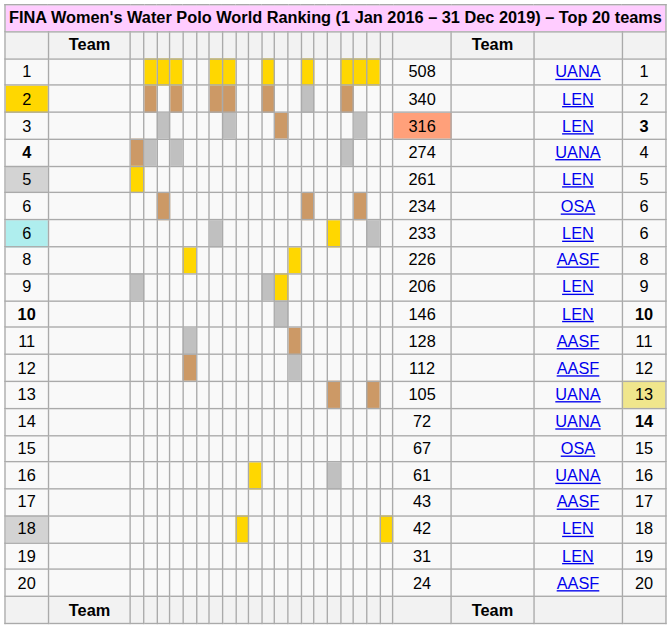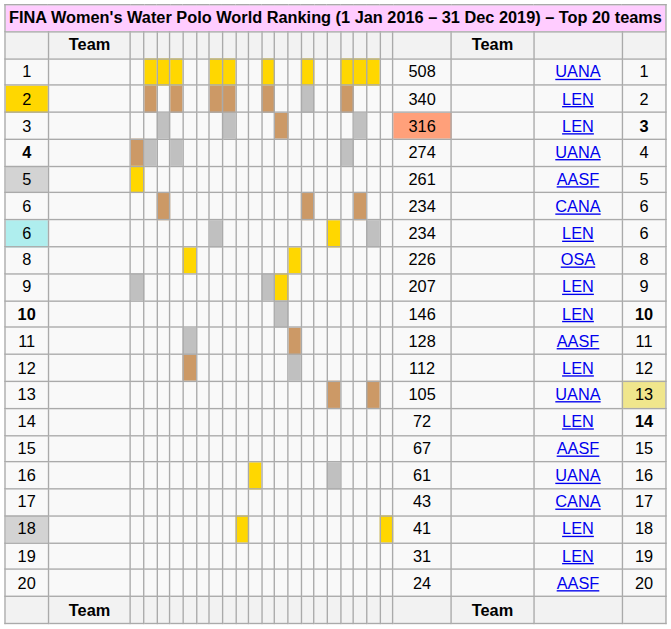 <table class="wikitable" style="text-align: center; font-size: 75%; margin-left: 1em;">
 <tr>
 <th colspan="26" style="background-color: #ffccff;">FINA Women's Water Polo World Ranking (1 Jan 2016 – 31 Dec 2019) – Top 20 teams</th>
 </tr>
 <tr>
 <th></th>
 <th>Team</th>
 <th><a href='#'></a></th>
 <th><a href='#'></a></th>
 <th><a href='#'></a></th>
 <th><a href='#'></a></th>
 <th><a href='#'></a></th>
 <th></th>
 <th><a href='#'></a></th>
 <th><a href='#'></a></th>
 <th><a href='#'></a></th>
 <th></th>
 <th><a href='#'></a></th>
 <th><a href='#'></a></th>
 <th><a href='#'></a></th>
 <th><a href='#'></a></th>
 <th><a href='#'></a></th>
 <th><a href='#'></a></th>
 <th><a href='#'></a></th>
 <th><a href='#'></a></th>
 <th><a href='#'></a></th>
 <th><a href='#'></a></th>
 <th></th>
 <th>Team</th>
 <th></th>
 <th></th>
 </tr>
 <tr>
 <td>1</td>
 <td style="text-align: left;"></td>
 <td></td>
 <td style="background-color: gold;"></td>
 <td style="background-color: gold;"></td>
 <td style="background-color: gold;"></td>
 <td></td>
 <td></td>
 <td style="background-color: gold;"></td>
 <td style="background-color: gold;"></td>
 <td></td>
 <td></td>
 <td style="background-color: gold;"></td>
 <td></td>
 <td></td>
 <td style="background-color: gold;"></td>
 <td></td>
 <td></td>
 <td style="background-color: gold;"></td>
 <td style="background-color: gold;"></td>
 <td style="background-color: gold;"></td>
 <td></td>
 <td>508</td>
 <td style="text-align: left;"></td>
 <td><a href='#'>UANA</a></td>
 <td>1</td>
 </tr>
 <tr>
 <td style="background: gold;">2</td>
 <td style="text-align: left;"></td>
 <td></td>
 <td style="background-color: #cc9966;"></td>
 <td></td>
 <td style="background-color: #cc9966;"></td>
 <td></td>
 <td></td>
 <td style="background-color: #cc9966;"></td>
 <td style="background-color: #cc9966;"></td>
 <td></td>
 <td></td>
 <td style="background-color: #cc9966;"></td>
 <td></td>
 <td></td>
 <td style="background-color: silver;"></td>
 <td></td>
 <td></td>
 <td style="background-color: #cc9966;"></td>
 <td></td>
 <td></td>
 <td></td>
 <td>340</td>
 <td style="text-align: left;"></td>
 <td><a href='#'>LEN</a></td>
 <td>2</td>
 </tr>
 <tr>
 <td>3</td>
 <td style="text-align: left;"></td>
 <td></td>
 <td></td>
 <td style="background-color: silver;"></td>
 <td></td>
 <td></td>
 <td></td>
 <td></td>
 <td style="background-color: silver;"></td>
 <td></td>
 <td></td>
 <td></td>
 <td style="background-color: #cc9966;"></td>
 <td></td>
 <td></td>
 <td></td>
 <td></td>
 <td></td>
 <td style="background-color: silver;"></td>
 <td></td>
 <td></td>
 <td style="background: lightsalmon;">316</td>
 <td style="text-align: left;"></td>
 <td><a href='#'>LEN</a></td>
 <td><strong>3</strong></td>
 </tr>
 <tr>
 <td><strong>4</strong></td>
 <td style="text-align: left;"></td>
 <td style="background-color: #cc9966;"></td>
 <td style="background-color: silver;"></td>
 <td></td>
 <td style="background-color: silver;"></td>
 <td></td>
 <td></td>
 <td></td>
 <td></td>
 <td></td>
 <td></td>
 <td></td>
 <td></td>
 <td></td>
 <td></td>
 <td></td>
 <td></td>
 <td style="background-color: silver;"></td>
 <td></td>
 <td></td>
 <td></td>
 <td>274</td>
 <td style="text-align: left;"></td>
 <td><a href='#'>UANA</a></td>
 <td>4</td>
 </tr>
 <tr>
 <td style="background: lightgrey;">5</td>
 <td style="text-align: left;"></td>
 <td style="background-color: gold;"></td>
 <td></td>
 <td></td>
 <td></td>
 <td></td>
 <td></td>
 <td></td>
 <td></td>
 <td></td>
 <td></td>
 <td></td>
 <td></td>
 <td></td>
 <td></td>
 <td></td>
 <td></td>
 <td></td>
 <td></td>
 <td></td>
 <td></td>
 <td>261</td>
 <td style="text-align: left;"></td>
-<td><a href='#'>LEN</a></td>
+<td><a href='#'>AASF</a></td>
 <td>5</td>
 </tr>
 <tr>
 <td>6</td>
 <td style="text-align: left;"></td>
 <td></td>
 <td></td>
 <td style="background-color: #cc9966;"></td>
 <td></td>
 <td></td>
 <td></td>
 <td></td>
 <td></td>
 <td></td>
 <td></td>
 <td></td>
 <td></td>
 <td></td>
 <td style="background-color: #cc9966;"></td>
 <td></td>
 <td></td>
 <td></td>
 <td style="background-color: #cc9966;"></td>
 <td></td>
 <td></td>
 <td>234</td>
 <td style="text-align: left;"></td>
-<td><a href='#'>OSA</a></td>
+<td><a href='#'>CANA</a></td>
 <td>6</td>
 </tr>
 <tr>
 <td style="background: paleturquoise;">6</td>
 <td style="text-align: left;"></td>
 <td></td>
 <td></td>
 <td></td>
 <td></td>
 <td></td>
 <td></td>
 <td style="background-color: silver;"></td>
 <td></td>
 <td></td>
 <td></td>
 <td></td>
 <td></td>
 <td></td>
 <td></td>
 <td></td>
 <td style="background-color: gold;"></td>
 <td></td>
 <td></td>
 <td style="background-color: silver;"></td>
 <td></td>
-<td>233</td>
+<td>234</td>
 <td style="text-align: left;"></td>
 <td><a href='#'>LEN</a></td>
 <td>6</td>
 </tr>
 <tr>
 <td>8</td>
 <td style="text-align: left;"></td>
 <td></td>
 <td></td>
 <td></td>
 <td></td>
 <td style="background-color: gold;"></td>
 <td></td>
 <td></td>
 <td></td>
 <td></td>
 <td></td>
 <td></td>
 <td></td>
 <td style="background-color: gold;"></td>
 <td></td>
 <td></td>
 <td></td>
 <td></td>
 <td></td>
 <td></td>
 <td></td>
 <td>226</td>
 <td style="text-align: left;"></td>
-<td><a href='#'>AASF</a></td>
+<td><a href='#'>OSA</a></td>
 <td>8</td>
 </tr>
 <tr>
 <td>9</td>
 <td style="text-align: left;"></td>
 <td style="background-color: silver;"></td>
 <td></td>
 <td></td>
 <td></td>
 <td></td>
 <td></td>
 <td></td>
 <td></td>
 <td></td>
 <td></td>
 <td style="background-color: silver;"></td>
 <td style="background-color: gold;"></td>
 <td></td>
 <td></td>
 <td></td>
 <td></td>
 <td></td>
 <td></td>
 <td></td>
 <td></td>
-<td>206</td>
+<td>207</td>
 <td style="text-align: left;"></td>
 <td><a href='#'>LEN</a></td>
 <td>9</td>
 </tr>
 <tr>
 <td><strong>10</strong></td>
 <td style="text-align: left;"></td>
 <td></td>
 <td></td>
 <td></td>
 <td></td>
 <td></td>
 <td></td>
 <td></td>
 <td></td>
 <td></td>
 <td></td>
 <td></td>
 <td style="background-color: silver;"></td>
 <td></td>
 <td></td>
 <td></td>
 <td></td>
 <td></td>
 <td></td>
 <td></td>
 <td></td>
 <td>146</td>
 <td style="text-align: left;"></td>
 <td><a href='#'>LEN</a></td>
 <td><strong>10</strong></td>
 </tr>
 <tr>
 <td>11</td>
 <td style="text-align: left;"></td>
 <td></td>
 <td></td>
 <td></td>
 <td></td>
 <td style="background-color: silver;"></td>
 <td></td>
 <td></td>
 <td></td>
 <td></td>
 <td></td>
 <td></td>
 <td></td>
 <td style="background-color: #cc9966;"></td>
 <td></td>
 <td></td>
 <td></td>
 <td></td>
 <td></td>
 <td></td>
 <td></td>
 <td>128</td>
 <td style="text-align: left;"></td>
 <td><a href='#'>AASF</a></td>
 <td>11</td>
 </tr>
 <tr>
 <td>12</td>
 <td style="text-align: left;"></td>
 <td></td>
 <td></td>
 <td></td>
 <td></td>
 <td style="background-color: #cc9966;"></td>
 <td></td>
 <td></td>
 <td></td>
 <td></td>
 <td></td>
 <td></td>
 <td></td>
 <td style="background-color: silver;"></td>
 <td></td>
 <td></td>
 <td></td>
 <td></td>
 <td></td>
 <td></td>
 <td></td>
 <td>112</td>
 <td style="text-align: left;"></td>
-<td><a href='#'>AASF</a></td>
+<td><a href='#'>LEN</a></td>
 <td>12</td>
 </tr>
 <tr>
 <td>13</td>
 <td style="text-align: left;"></td>
 <td></td>
 <td></td>
 <td></td>
 <td></td>
 <td></td>
 <td></td>
 <td></td>
 <td></td>
 <td></td>
 <td></td>
 <td></td>
 <td></td>
 <td></td>
 <td></td>
 <td></td>
 <td style="background-color: #cc9966;"></td>
 <td></td>
 <td></td>
 <td style="background-color: #cc9966;"></td>
 <td></td>
 <td>105</td>
 <td style="text-align: left;"></td>
 <td><a href='#'>UANA</a></td>
 <td style="background: khaki;">13</td>
 </tr>
 <tr>
 <td>14</td>
 <td style="text-align: left;"></td>
 <td></td>
 <td></td>
 <td></td>
 <td></td>
 <td></td>
 <td></td>
 <td></td>
 <td></td>
 <td></td>
 <td></td>
 <td></td>
 <td></td>
 <td></td>
 <td></td>
 <td></td>
 <td></td>
 <td></td>
 <td></td>
 <td></td>
 <td></td>
 <td>72</td>
 <td style="text-align: left;"></td>
-<td><a href='#'>UANA</a></td>
+<td><a href='#'>LEN</a></td>
 <td><strong>14</strong></td>
 </tr>
 <tr>
 <td>15</td>
 <td style="text-align: left;"></td>
 <td></td>
 <td></td>
 <td></td>
 <td></td>
 <td></td>
 <td></td>
 <td></td>
 <td></td>
 <td></td>
 <td></td>
 <td></td>
 <td></td>
 <td></td>
 <td></td>
 <td></td>
 <td></td>
 <td></td>
 <td></td>
 <td></td>
 <td></td>
 <td>67</td>
 <td style="text-align: left;"></td>
-<td><a href='#'>OSA</a></td>
+<td><a href='#'>AASF</a></td>
 <td>15</td>
 </tr>
 <tr>
 <td>16</td>
 <td style="text-align: left;"></td>
 <td></td>
 <td></td>
 <td></td>
 <td></td>
 <td></td>
 <td></td>
 <td></td>
 <td></td>
 <td></td>
 <td style="background-color: gold;"></td>
 <td></td>
 <td></td>
 <td></td>
 <td></td>
 <td></td>
 <td style="background-color: silver;"></td>
 <td></td>
 <td></td>
 <td></td>
 <td></td>
 <td>61</td>
 <td style="text-align: left;"></td>
 <td><a href='#'>UANA</a></td>
 <td>16</td>
 </tr>
 <tr>
 <td>17</td>
 <td style="text-align: left;"></td>
 <td></td>
 <td></td>
 <td></td>
 <td></td>
 <td></td>
 <td></td>
 <td></td>
 <td></td>
 <td></td>
 <td></td>
 <td></td>
 <td></td>
 <td></td>
 <td></td>
 <td></td>
 <td></td>
 <td></td>
 <td></td>
 <td></td>
 <td></td>
 <td>43</td>
 <td style="text-align: left;"></td>
-<td><a href='#'>AASF</a></td>
+<td><a href='#'>CANA</a></td>
 <td>17</td>
 </tr>
 <tr>
 <td style="background: lightgrey;">18</td>
 <td style="text-align: left;"></td>
 <td></td>
 <td></td>
 <td></td>
 <td></td>
 <td></td>
 <td></td>
 <td></td>
 <td></td>
 <td style="background-color: gold;"></td>
 <td></td>
 <td></td>
 <td></td>
 <td></td>
 <td></td>
 <td></td>
 <td></td>
 <td></td>
 <td></td>
 <td></td>
 <td style="background-color: gold;"></td>
-<td>42</td>
+<td>41</td>
 <td style="text-align: left;"></td>
 <td><a href='#'>LEN</a></td>
 <td>18</td>
 </tr>
 <tr>
 <td>19</td>
 <td style="text-align: left;"></td>
 <td></td>
 <td></td>
 <td></td>
 <td></td>
 <td></td>
 <td></td>
 <td></td>
 <td></td>
 <td></td>
 <td></td>
 <td></td>
 <td></td>
 <td></td>
 <td></td>
 <td></td>
 <td></td>
 <td></td>
 <td></td>
 <td></td>
 <td></td>
 <td>31</td>
 <td style="text-align: left;"></td>
 <td><a href='#'>LEN</a></td>
 <td>19</td>
 </tr>
 <tr>
 <td>20</td>
 <td style="text-align: left;"></td>
 <td></td>
 <td></td>
 <td></td>
 <td></td>
 <td></td>
 <td></td>
 <td></td>
 <td></td>
 <td></td>
 <td></td>
 <td></td>
 <td></td>
 <td></td>
 <td></td>
 <td></td>
 <td></td>
 <td></td>
 <td></td>
 <td></td>
 <td></td>
 <td>24</td>
 <td style="text-align: left;"></td>
 <td><a href='#'>AASF</a></td>
 <td>20</td>
 </tr>
 <tr>
 <th></th>
 <th>Team</th>
 <th><a href='#'></a></th>
 <th><a href='#'></a></th>
 <th><a href='#'></a></th>
 <th><a href='#'></a></th>
 <th><a href='#'></a></th>
 <th></th>
 <th><a href='#'></a></th>
 <th><a href='#'></a></th>
 <th><a href='#'></a></th>
 <th></th>
 <th><a href='#'></a></th>
 <th><a href='#'></a></th>
 <th><a href='#'></a></th>
 <th><a href='#'></a></th>
 <th><a href='#'></a></th>
 <th><a href='#'></a></th>
 <th><a href='#'></a></th>
 <th><a href='#'></a></th>
 <th><a href='#'></a></th>
 <th><a href='#'></a></th>
 <th></th>
 <th>Team</th>
 <th></th>
 <th></th>
 </tr>
 </table>
